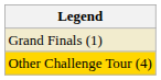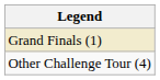 <table class="wikitable" style="font-size:95%;">
 <tr>
 <th>Legend</th>
 </tr>
 <tr style="background:#f2ecce;">
 <td>Grand Finals (1)</td>
 </tr>
 <tr>
-<td style="background: gold;">Other Challenge Tour (4)</td>
+<td>Other Challenge Tour (4)</td>
 </tr>
 </table>
